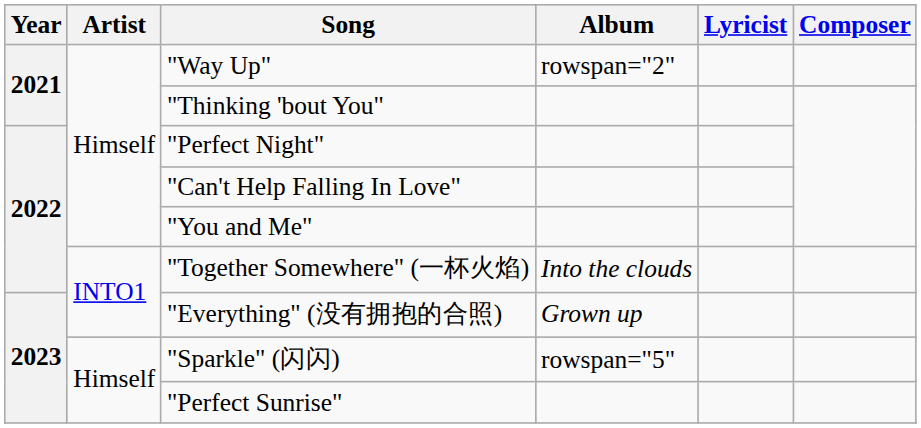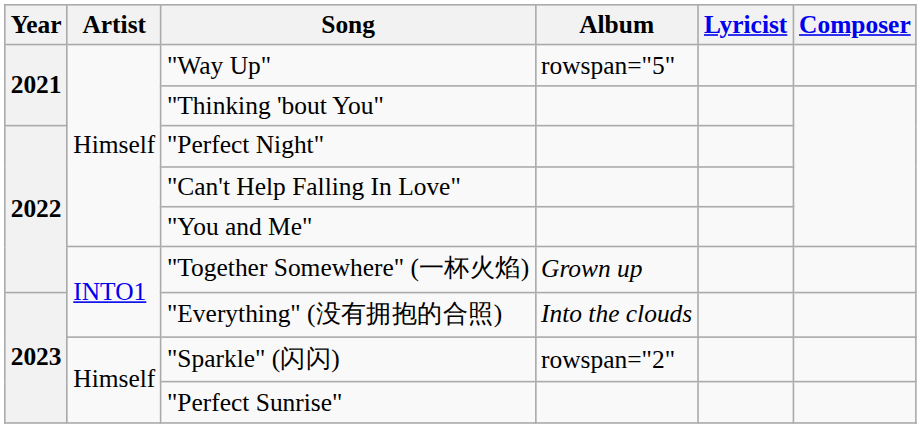 <table class="wikitable sortable plainrowheaders">
 <tr>
 <th>Year</th>
 <th>Artist</th>
 <th>Song</th>
 <th>Album</th>
 <th><a href='#'>Lyricist</a></th>
 <th><a href='#'>Composer</a></th>
 </tr>
 <tr>
 <th rowspan="2" scope="row">2021</th>
 <td rowspan="5">Himself</td>
 <td>"Way Up"</td>
-<td>rowspan="2" </td>
+<td>rowspan="5" </td>
 <td></td>
 <td></td>
 </tr>
 <tr>
 <td>"Thinking 'bout You"</td>
 <td></td>
 <td></td>
 </tr>
 <tr>
 <th rowspan="4" scope="row">2022</th>
 <td>"Perfect Night"</td>
 <td></td>
 <td></td>
 </tr>
 <tr>
 <td>"Can't Help Falling In Love"</td>
 <td></td>
 <td></td>
 </tr>
 <tr>
 <td>"You and Me"</td>
 <td></td>
 <td></td>
 </tr>
 <tr>
 <td rowspan="2"><a href='#'>INTO1</a></td>
 <td>"Together Somewhere" (一杯火焰)</td>
-<td><em>Into the clouds</em></td>
+<td><em>Grown up</em></td>
 <td></td>
 <td></td>
 </tr>
 <tr>
 <th rowspan="3" scope="row">2023</th>
 <td>"Everything" (没有拥抱的合照)</td>
-<td><em>Grown up</em></td>
+<td><em>Into the clouds</em></td>
 <td></td>
 <td></td>
 </tr>
 <tr>
 <td rowspan="2">Himself</td>
 <td>"Sparkle" (闪闪)</td>
-<td>rowspan="5" </td>
+<td>rowspan="2" </td>
 <td></td>
 <td></td>
 </tr>
 <tr>
 <td>"Perfect Sunrise"</td>
 <td></td>
 <td></td>
 </tr>
 </table>
